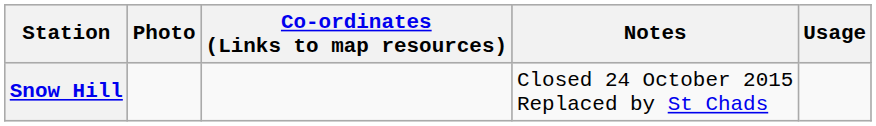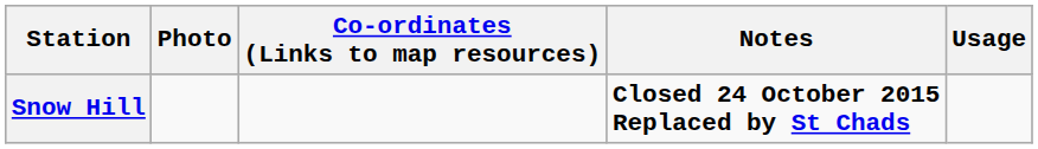 <table class="wikitable sortable plainrowheaders" text-align: center;">
 <tr>
 <th scope=col>Station</th>
 <th scope=col>Photo</th>
 <th scope=col><a href='#'>Co-ordinates</a><br>(Links to map resources)</th>
 <th scope=col>Notes</th>
 <th scope=col>Usage</th>
 </tr>
 <tr>
 <th scope=row><a href='#'>Snow Hill</a></th>
 <td></td>
 <td></td>
-<td>Closed 24 October 2015<br>Replaced by <a href='#'>St Chads</a></td>
+<td><strong>Closed 24 October 2015<br>Replaced by <a href='#'>St Chads</a></strong></td>
 </tr>
 </table>
